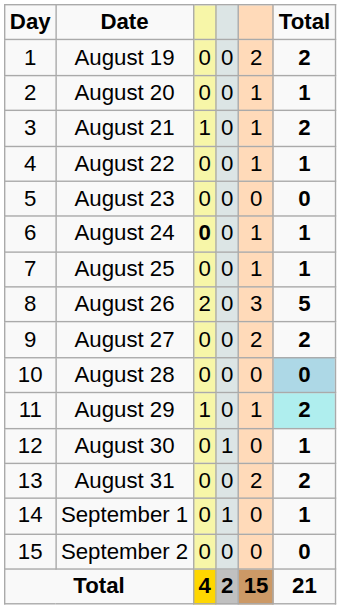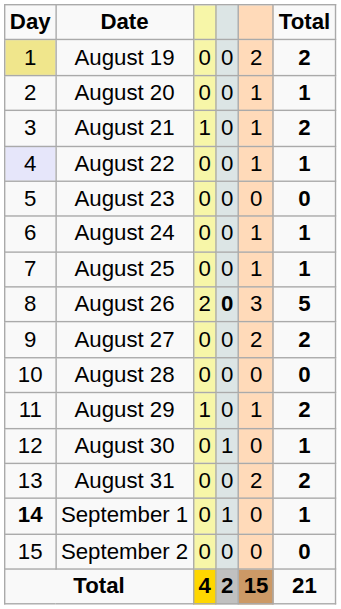 <table class=wikitable style="font-size:100%; text-align:center">
 <tr>
 <td><strong>Day</strong></td>
 <td><strong>Date</strong></td>
 <td bgcolor=F7F6A8></td>
 <td bgcolor=DCE5E5></td>
 <td bgcolor=FFDAB9></td>
 <td><strong>Total</strong></td>
 </tr>
 <tr>
-<td>1</td>
+<td style="background: khaki;">1</td>
 <td>August 19</td>
 <td bgcolor=F7F6A8>0</td>
 <td bgcolor=DCE5E5>0</td>
 <td bgcolor=FFDAB9>2</td>
 <td><strong>2</strong></td>
 </tr>
 <tr>
 <td>2</td>
 <td>August 20</td>
 <td bgcolor=F7F6A8>0</td>
 <td bgcolor=DCE5E5>0</td>
 <td bgcolor=FFDAB9>1</td>
 <td><strong>1</strong></td>
 </tr>
 <tr>
 <td>3</td>
 <td>August 21</td>
 <td bgcolor=F7F6A8>1</td>
 <td bgcolor=DCE5E5>0</td>
 <td bgcolor=FFDAB9>1</td>
 <td><strong>2</strong></td>
 </tr>
 <tr>
-<td>4</td>
+<td style="background: lavender;">4</td>
 <td>August 22</td>
 <td bgcolor=F7F6A8>0</td>
 <td bgcolor=DCE5E5>0</td>
 <td bgcolor=FFDAB9>1</td>
 <td><strong>1</strong></td>
 </tr>
 <tr>
 <td>5</td>
 <td>August 23</td>
 <td bgcolor=F7F6A8>0</td>
 <td bgcolor=DCE5E5>0</td>
 <td bgcolor=FFDAB9>0</td>
 <td><strong>0</strong></td>
 </tr>
 <tr>
 <td>6</td>
 <td>August 24</td>
-<td bgcolor=F7F6A8><strong>0</strong></td>
+<td bgcolor=F7F6A8>0</td>
 <td bgcolor=DCE5E5>0</td>
 <td bgcolor=FFDAB9>1</td>
 <td><strong>1</strong></td>
 </tr>
 <tr>
 <td>7</td>
 <td>August 25</td>
 <td bgcolor=F7F6A8>0</td>
 <td bgcolor=DCE5E5>0</td>
 <td bgcolor=FFDAB9>1</td>
 <td><strong>1</strong></td>
 </tr>
 <tr>
 <td>8</td>
 <td>August 26</td>
 <td bgcolor=F7F6A8>2</td>
-<td bgcolor=DCE5E5>0</td>
+<td bgcolor=DCE5E5><strong>0</strong></td>
 <td bgcolor=FFDAB9>3</td>
 <td><strong>5</strong></td>
 </tr>
 <tr>
 <td>9</td>
 <td>August 27</td>
 <td bgcolor=F7F6A8>0</td>
 <td bgcolor=DCE5E5>0</td>
 <td bgcolor=FFDAB9>2</td>
 <td><strong>2</strong></td>
 </tr>
 <tr>
 <td>10</td>
 <td>August 28</td>
 <td bgcolor=F7F6A8>0</td>
 <td bgcolor=DCE5E5>0</td>
 <td bgcolor=FFDAB9>0</td>
-<td style="background: lightblue;"><strong>0</strong></td>
+<td><strong>0</strong></td>
 </tr>
 <tr>
 <td>11</td>
 <td>August 29</td>
 <td bgcolor=F7F6A8>1</td>
 <td bgcolor=DCE5E5>0</td>
 <td bgcolor=FFDAB9>1</td>
-<td style="background: paleturquoise;"><strong>2</strong></td>
+<td><strong>2</strong></td>
 </tr>
 <tr>
 <td>12</td>
 <td>August 30</td>
 <td bgcolor=F7F6A8>0</td>
 <td bgcolor=DCE5E5>1</td>
 <td bgcolor=FFDAB9>0</td>
 <td><strong>1</strong></td>
 </tr>
 <tr>
 <td>13</td>
 <td>August 31</td>
 <td bgcolor=F7F6A8>0</td>
 <td bgcolor=DCE5E5>0</td>
 <td bgcolor=FFDAB9>2</td>
 <td><strong>2</strong></td>
 </tr>
 <tr>
-<td>14</td>
+<td><strong>14</strong></td>
 <td>September 1</td>
 <td bgcolor=F7F6A8>0</td>
 <td bgcolor=DCE5E5>1</td>
 <td bgcolor=FFDAB9>0</td>
 <td><strong>1</strong></td>
 </tr>
 <tr>
 <td>15</td>
 <td>September 2</td>
 <td bgcolor=F7F6A8>0</td>
 <td bgcolor=DCE5E5>0</td>
 <td bgcolor=FFDAB9>0</td>
 <td><strong>0</strong></td>
 </tr>
 <tr>
 <td colspan=2><strong>Total</strong></td>
 <td style="background:gold;"><strong>4</strong></td>
 <td style="background:silver;"><strong>2</strong></td>
 <td style="background:#c96;"><strong>15</strong></td>
 <td><strong>21</strong></td>
 </tr>
 </table>
